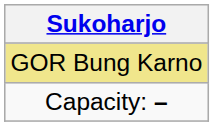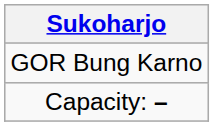 <table class="wikitable" style="text-align:center">
 <tr>
 <th><a href='#'>Sukoharjo</a></th>
 </tr>
 <tr>
-<td style="background: khaki;">GOR Bung Karno</td>
+<td>GOR Bung Karno</td>
 </tr>
 <tr>
 <td>Capacity: <strong>–</strong></td>
 </tr>
 </table>
